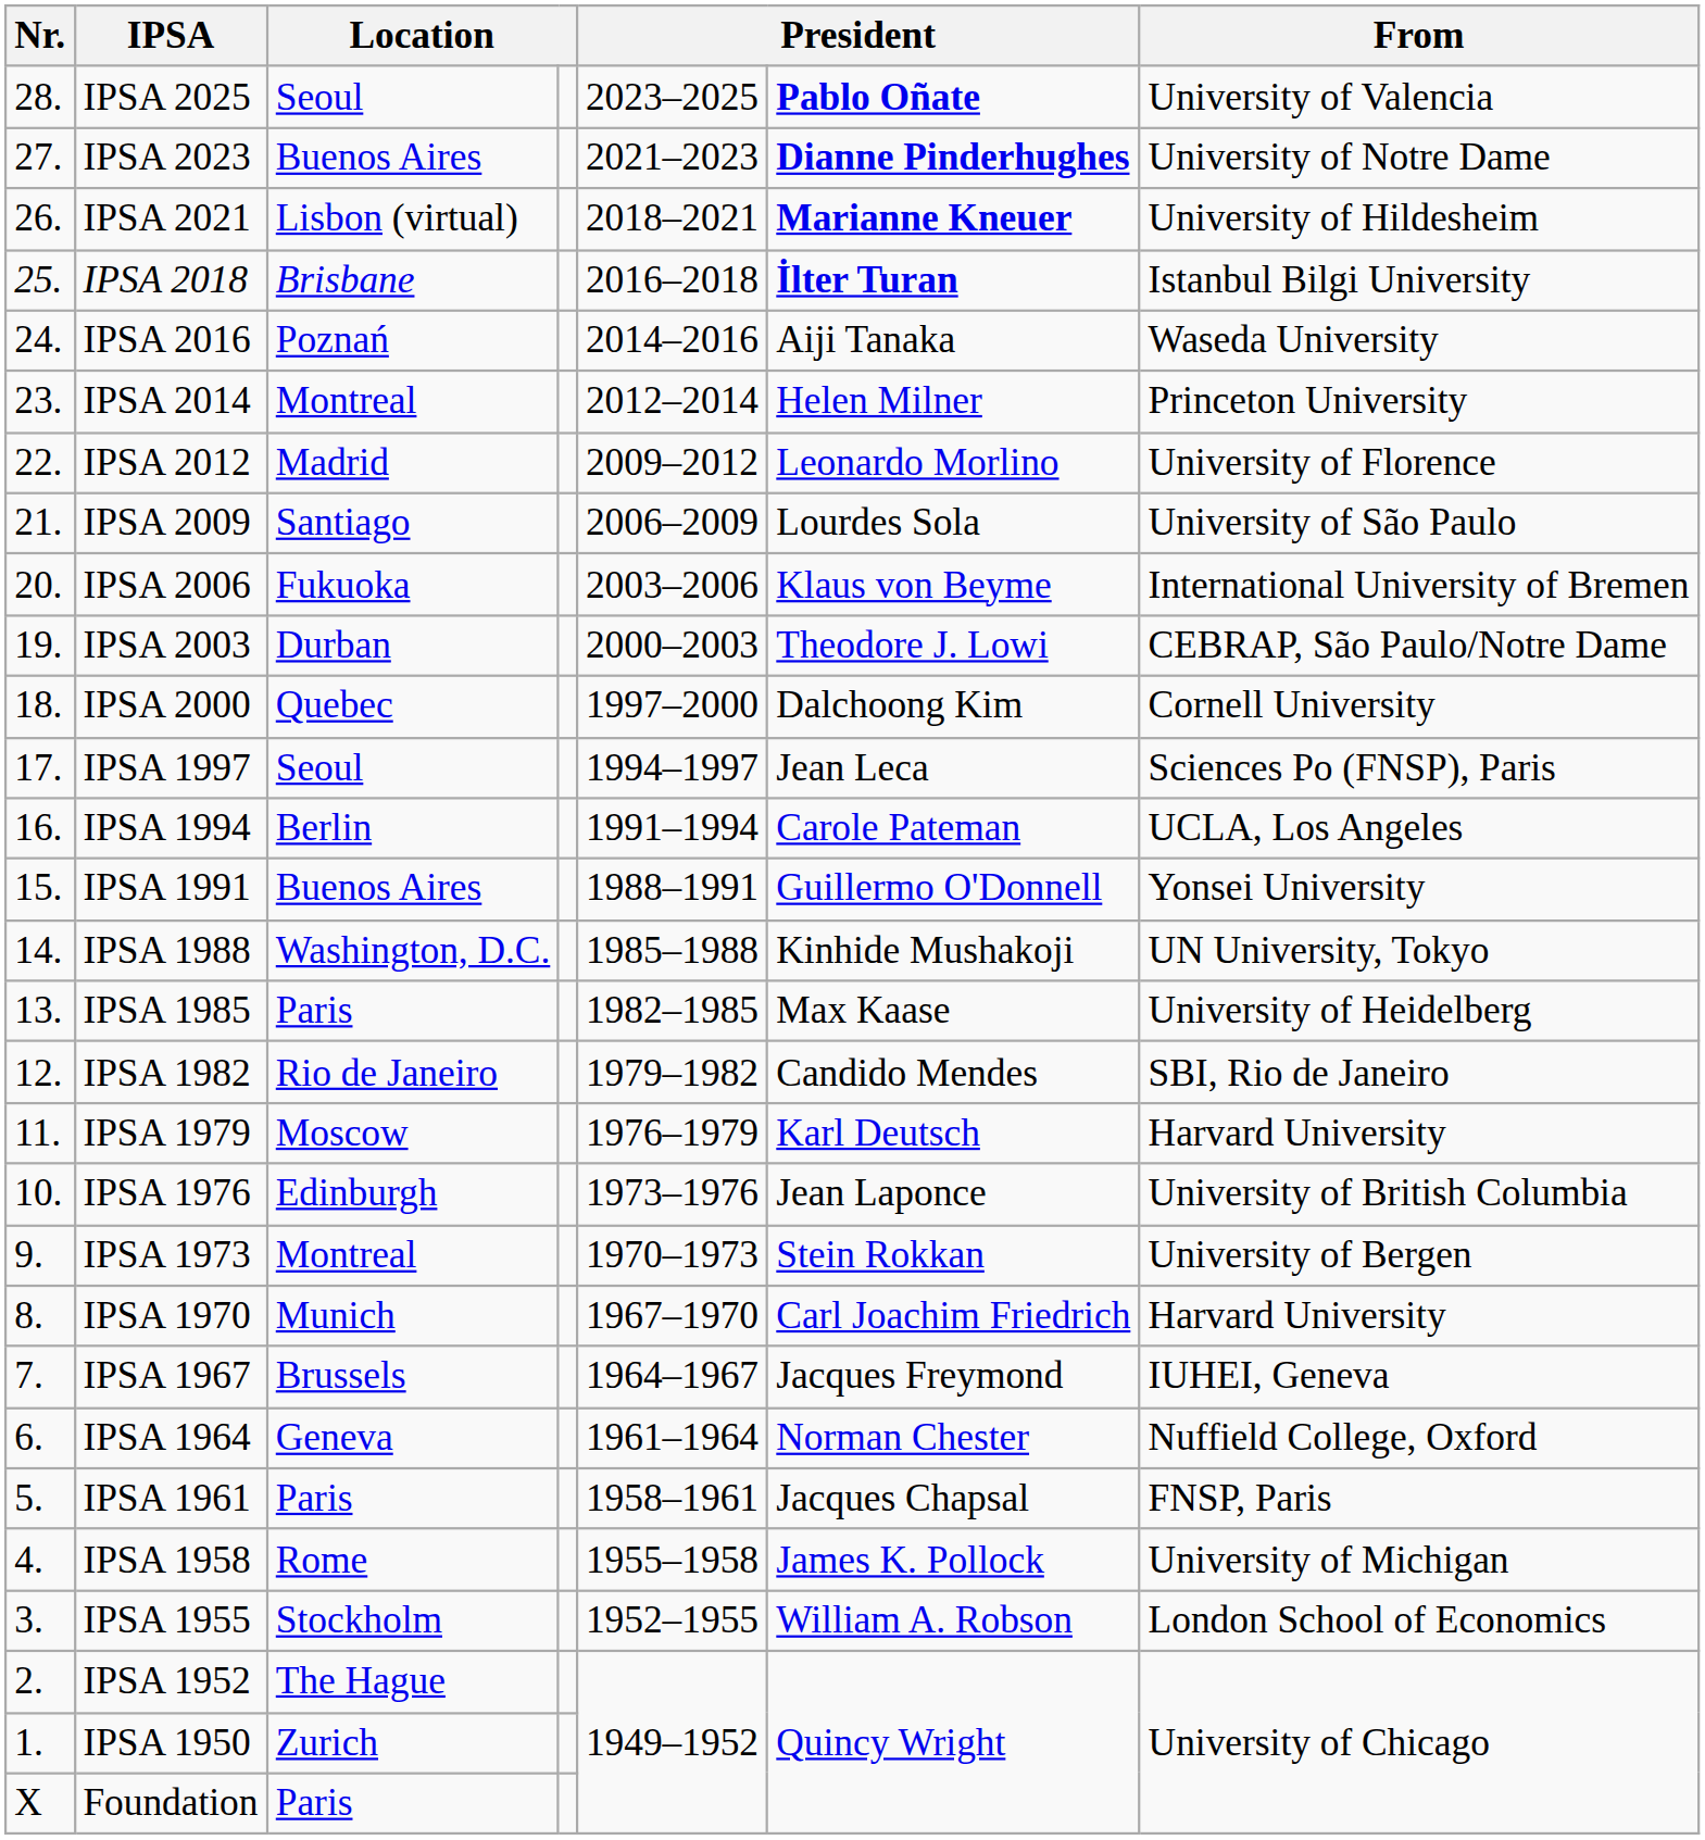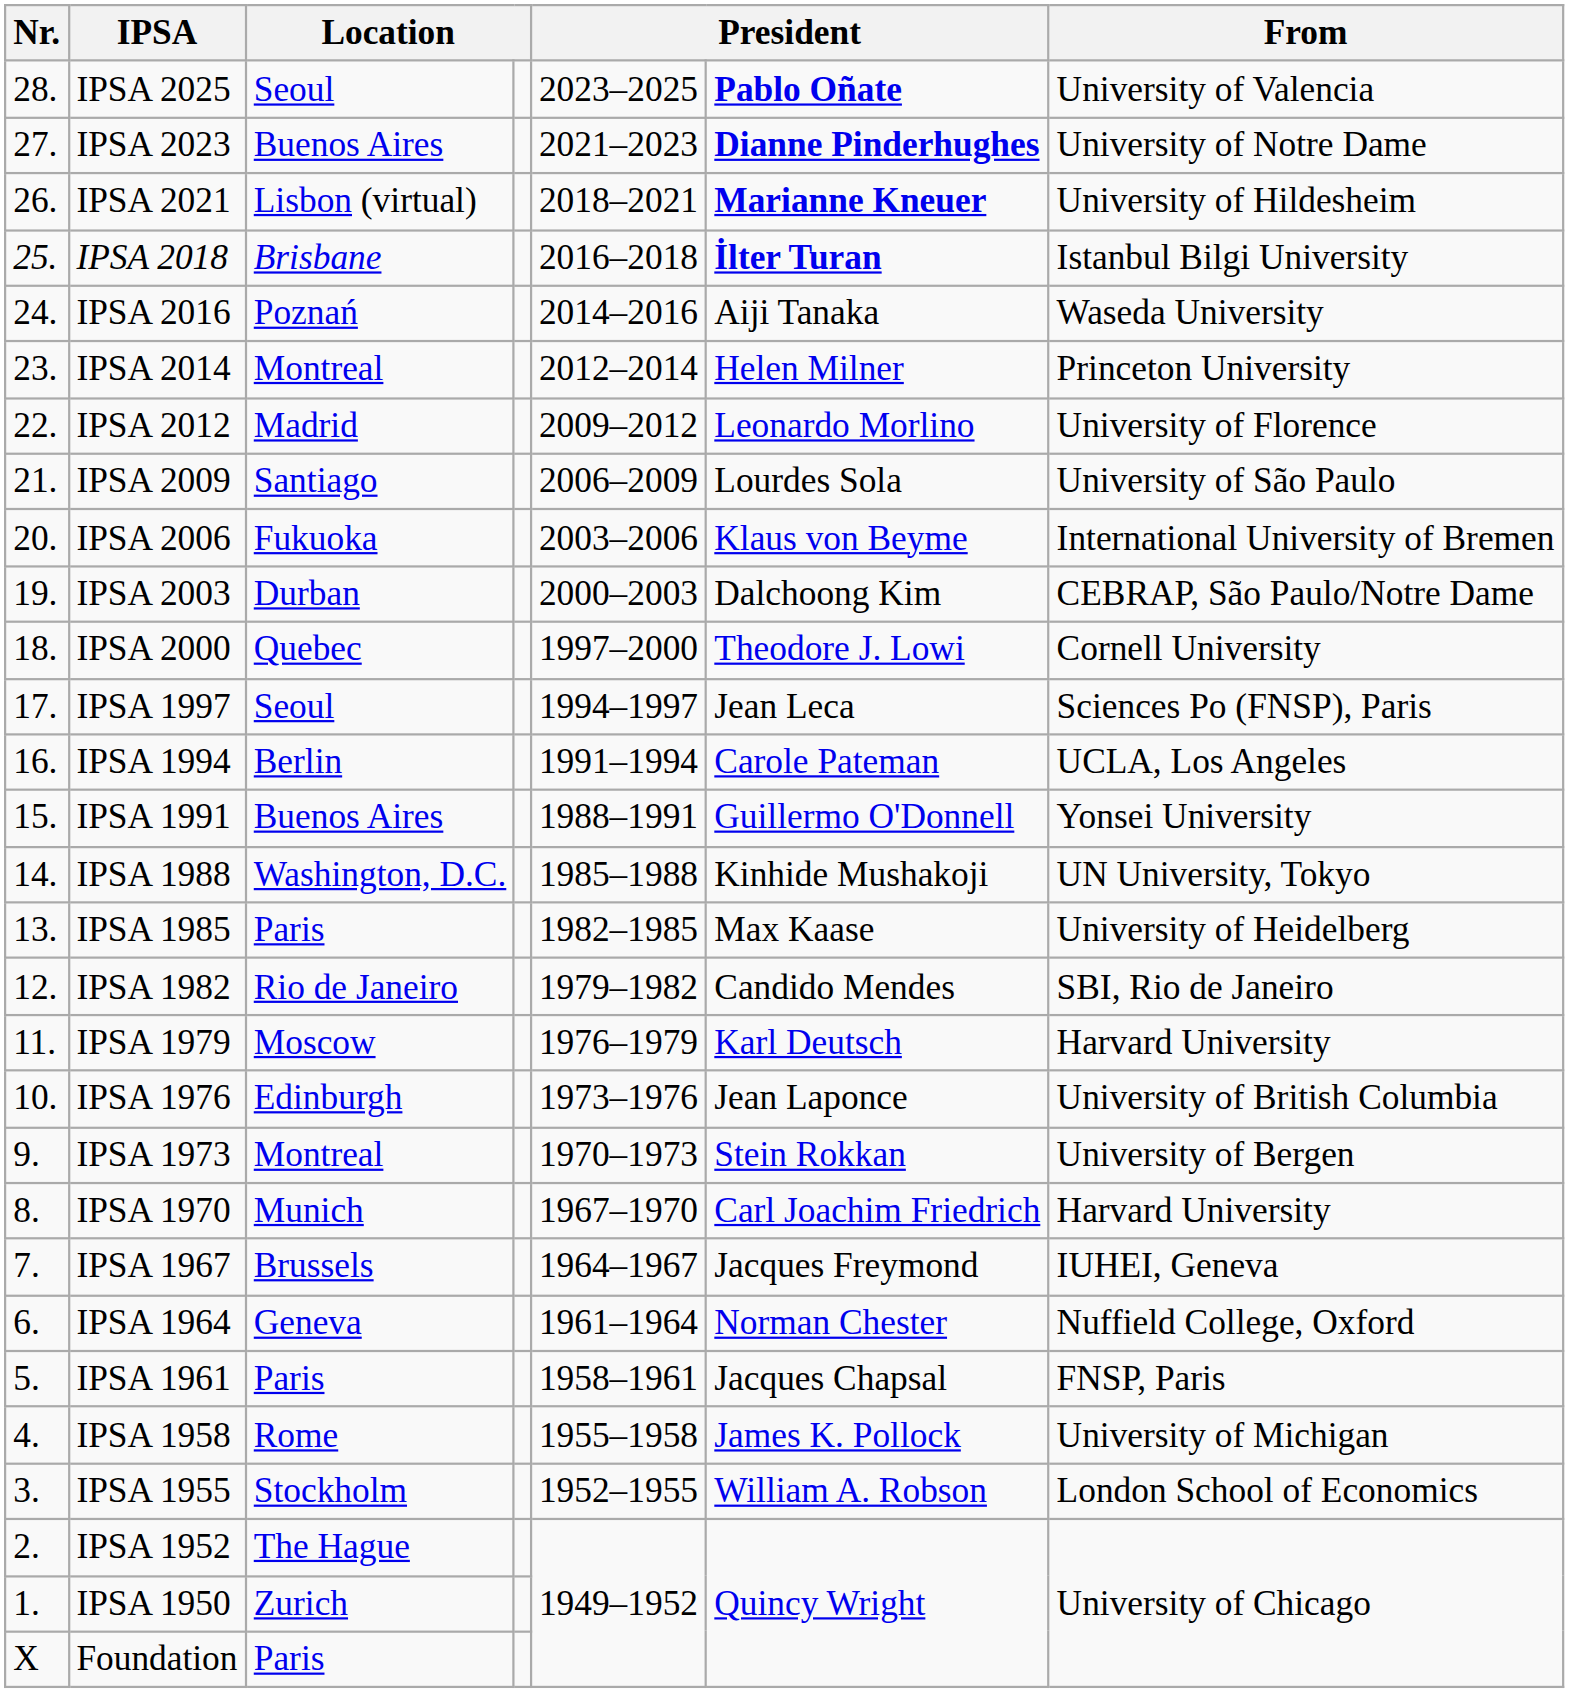 <table class="wikitable">
 <tr>
 <th>Nr.</th>
 <th>IPSA</th>
 <th colspan="2">Location</th>
 <th colspan="2">President</th>
 <th>From</th>
 </tr>
 <tr>
 <td>28.</td>
 <td>IPSA 2025</td>
 <td><a href='#'>Seoul</a></td>
 <td></td>
 <td>2023–2025</td>
 <td><strong><a href='#'>Pablo Oñate</a></strong></td>
 <td>University of Valencia </td>
 </tr>
 <tr>
 <td>27.</td>
 <td>IPSA 2023</td>
 <td><a href='#'>Buenos Aires</a></td>
 <td></td>
 <td>2021–2023</td>
 <td><strong><a href='#'>Dianne Pinderhughes</a></strong></td>
 <td>University of Notre Dame </td>
 </tr>
 <tr>
 <td>26.</td>
 <td>IPSA 2021</td>
 <td><a href='#'>Lisbon</a> (virtual)</td>
 <td></td>
 <td>2018–2021</td>
 <td><strong><a href='#'>Marianne Kneuer</a></strong></td>
 <td>University of Hildesheim </td>
 </tr>
 <tr>
 <td><em>25.</em></td>
 <td><em>IPSA 2018</em></td>
 <td><em><a href='#'>Brisbane</a></em></td>
 <td></td>
 <td>2016–2018</td>
 <td><strong><a href='#'>İlter Turan</a></strong></td>
 <td>Istanbul Bilgi University </td>
 </tr>
 <tr>
 <td>24.</td>
 <td>IPSA 2016</td>
 <td><a href='#'>Poznań</a></td>
 <td></td>
 <td>2014–2016</td>
 <td>Aiji Tanaka</td>
 <td>Waseda University </td>
 </tr>
 <tr>
 <td>23.</td>
 <td>IPSA 2014</td>
 <td><a href='#'>Montreal</a></td>
 <td></td>
 <td>2012–2014</td>
 <td><a href='#'>Helen Milner</a></td>
 <td>Princeton University </td>
 </tr>
 <tr>
 <td>22.</td>
 <td>IPSA 2012</td>
 <td><a href='#'>Madrid</a></td>
 <td></td>
 <td>2009–2012</td>
 <td><a href='#'>Leonardo Morlino</a></td>
 <td>University of Florence </td>
 </tr>
 <tr>
 <td>21.</td>
 <td>IPSA 2009</td>
 <td><a href='#'>Santiago</a></td>
 <td></td>
 <td>2006–2009</td>
 <td>Lourdes Sola</td>
 <td>University of São Paulo </td>
 </tr>
 <tr>
 <td>20.</td>
 <td>IPSA 2006</td>
 <td><a href='#'>Fukuoka</a></td>
 <td></td>
 <td>2003–2006</td>
 <td><a href='#'>Klaus von Beyme</a></td>
 <td>International University of Bremen </td>
 </tr>
 <tr>
 <td>19.</td>
 <td>IPSA 2003</td>
 <td><a href='#'>Durban</a></td>
 <td></td>
 <td>2000–2003</td>
-<td><a href='#'>Theodore J. Lowi</a></td>
+<td>Dalchoong Kim</td>
 <td>CEBRAP, São Paulo/Notre Dame </td>
 </tr>
 <tr>
 <td>18.</td>
 <td>IPSA 2000</td>
 <td><a href='#'>Quebec</a></td>
 <td></td>
 <td>1997–2000</td>
-<td>Dalchoong Kim</td>
+<td><a href='#'>Theodore J. Lowi</a></td>
 <td>Cornell University </td>
 </tr>
 <tr>
 <td>17.</td>
 <td>IPSA 1997</td>
 <td><a href='#'>Seoul</a></td>
 <td></td>
 <td>1994–1997</td>
 <td>Jean Leca</td>
 <td>Sciences Po (FNSP), Paris </td>
 </tr>
 <tr>
 <td>16.</td>
 <td>IPSA 1994</td>
 <td><a href='#'>Berlin</a></td>
 <td></td>
 <td>1991–1994</td>
 <td><a href='#'>Carole Pateman</a></td>
 <td>UCLA, Los Angeles </td>
 </tr>
 <tr>
 <td>15.</td>
 <td>IPSA 1991</td>
 <td><a href='#'>Buenos Aires</a></td>
 <td></td>
 <td>1988–1991</td>
 <td><a href='#'>Guillermo O'Donnell</a></td>
 <td>Yonsei University </td>
 </tr>
 <tr>
 <td>14.</td>
 <td>IPSA 1988</td>
 <td><a href='#'>Washington, D.C.</a></td>
 <td></td>
 <td>1985–1988</td>
 <td>Kinhide Mushakoji</td>
 <td>UN University, Tokyo </td>
 </tr>
 <tr>
 <td>13.</td>
 <td>IPSA 1985</td>
 <td><a href='#'>Paris</a></td>
 <td></td>
 <td>1982–1985</td>
 <td>Max Kaase</td>
 <td>University of Heidelberg </td>
 </tr>
 <tr>
 <td>12.</td>
 <td>IPSA 1982</td>
 <td><a href='#'>Rio de Janeiro</a></td>
 <td></td>
 <td>1979–1982</td>
 <td>Candido Mendes</td>
 <td>SBI, Rio de Janeiro </td>
 </tr>
 <tr>
 <td>11.</td>
 <td>IPSA 1979</td>
 <td><a href='#'>Moscow</a></td>
 <td></td>
 <td>1976–1979</td>
 <td><a href='#'>Karl Deutsch</a></td>
 <td>Harvard University </td>
 </tr>
 <tr>
 <td>10.</td>
 <td>IPSA 1976</td>
 <td><a href='#'>Edinburgh</a></td>
 <td></td>
 <td>1973–1976</td>
 <td>Jean Laponce</td>
 <td>University of British Columbia </td>
 </tr>
 <tr>
 <td>9.</td>
 <td>IPSA 1973</td>
 <td><a href='#'>Montreal</a></td>
 <td></td>
 <td>1970–1973</td>
 <td><a href='#'>Stein Rokkan</a></td>
 <td>University of Bergen </td>
 </tr>
 <tr>
 <td>8.</td>
 <td>IPSA 1970</td>
 <td><a href='#'>Munich</a></td>
 <td></td>
 <td>1967–1970</td>
 <td><a href='#'>Carl Joachim Friedrich</a></td>
 <td>Harvard University </td>
 </tr>
 <tr>
 <td>7.</td>
 <td>IPSA 1967</td>
 <td><a href='#'>Brussels</a></td>
 <td></td>
 <td>1964–1967</td>
 <td>Jacques Freymond</td>
 <td>IUHEI, Geneva  </td>
 </tr>
 <tr>
 <td>6.</td>
 <td>IPSA 1964</td>
 <td><a href='#'>Geneva</a></td>
 <td></td>
 <td>1961–1964</td>
 <td><a href='#'>Norman Chester</a></td>
 <td>Nuffield College, Oxford </td>
 </tr>
 <tr>
 <td>5.</td>
 <td>IPSA 1961</td>
 <td><a href='#'>Paris</a></td>
 <td></td>
 <td>1958–1961</td>
 <td>Jacques Chapsal</td>
 <td>FNSP, Paris </td>
 </tr>
 <tr>
 <td>4.</td>
 <td>IPSA 1958</td>
 <td><a href='#'>Rome</a></td>
 <td></td>
 <td>1955–1958</td>
 <td><a href='#'>James K. Pollock</a></td>
 <td>University of Michigan </td>
 </tr>
 <tr>
 <td>3.</td>
 <td>IPSA 1955</td>
 <td><a href='#'>Stockholm</a></td>
 <td></td>
 <td>1952–1955</td>
 <td><a href='#'>William A. Robson</a></td>
 <td>London School of Economics </td>
 </tr>
 <tr>
 <td>2.</td>
 <td>IPSA 1952</td>
 <td><a href='#'>The Hague</a></td>
 <td></td>
 <td rowspan="3">1949–1952</td>
 <td rowspan="3"><a href='#'>Quincy Wright</a></td>
 <td rowspan="3">University of Chicago </td>
 </tr>
 <tr>
 <td>1.</td>
 <td>IPSA 1950</td>
 <td><a href='#'>Zurich</a></td>
 <td></td>
 </tr>
 <tr>
 <td>X</td>
 <td>Foundation</td>
 <td><a href='#'>Paris</a></td>
 <td></td>
 </tr>
 </table>
